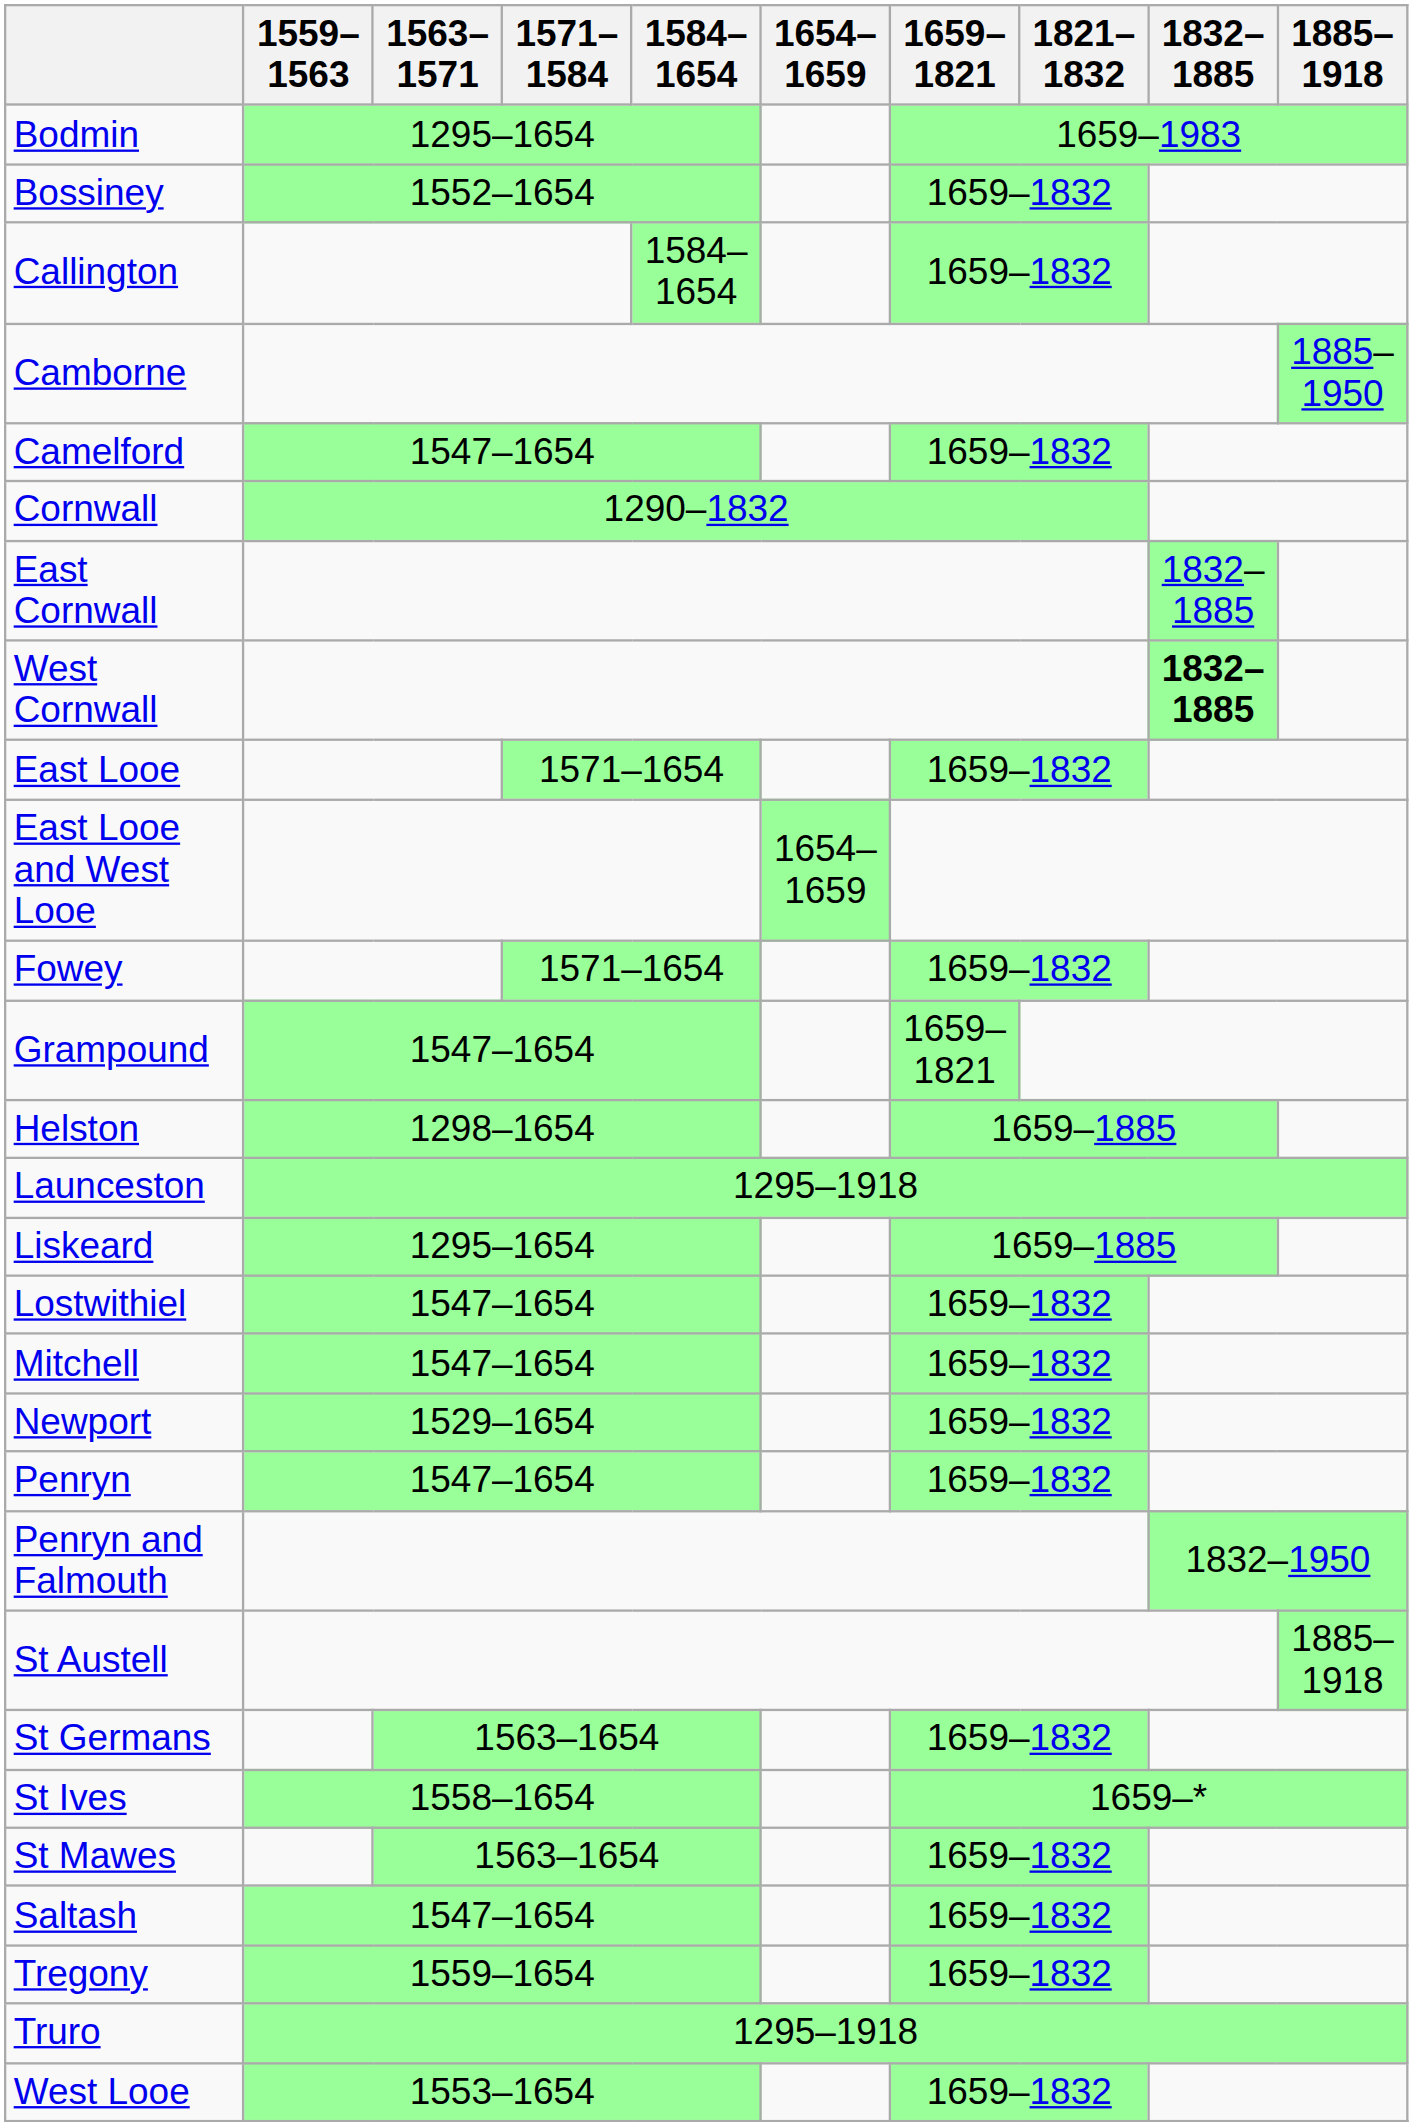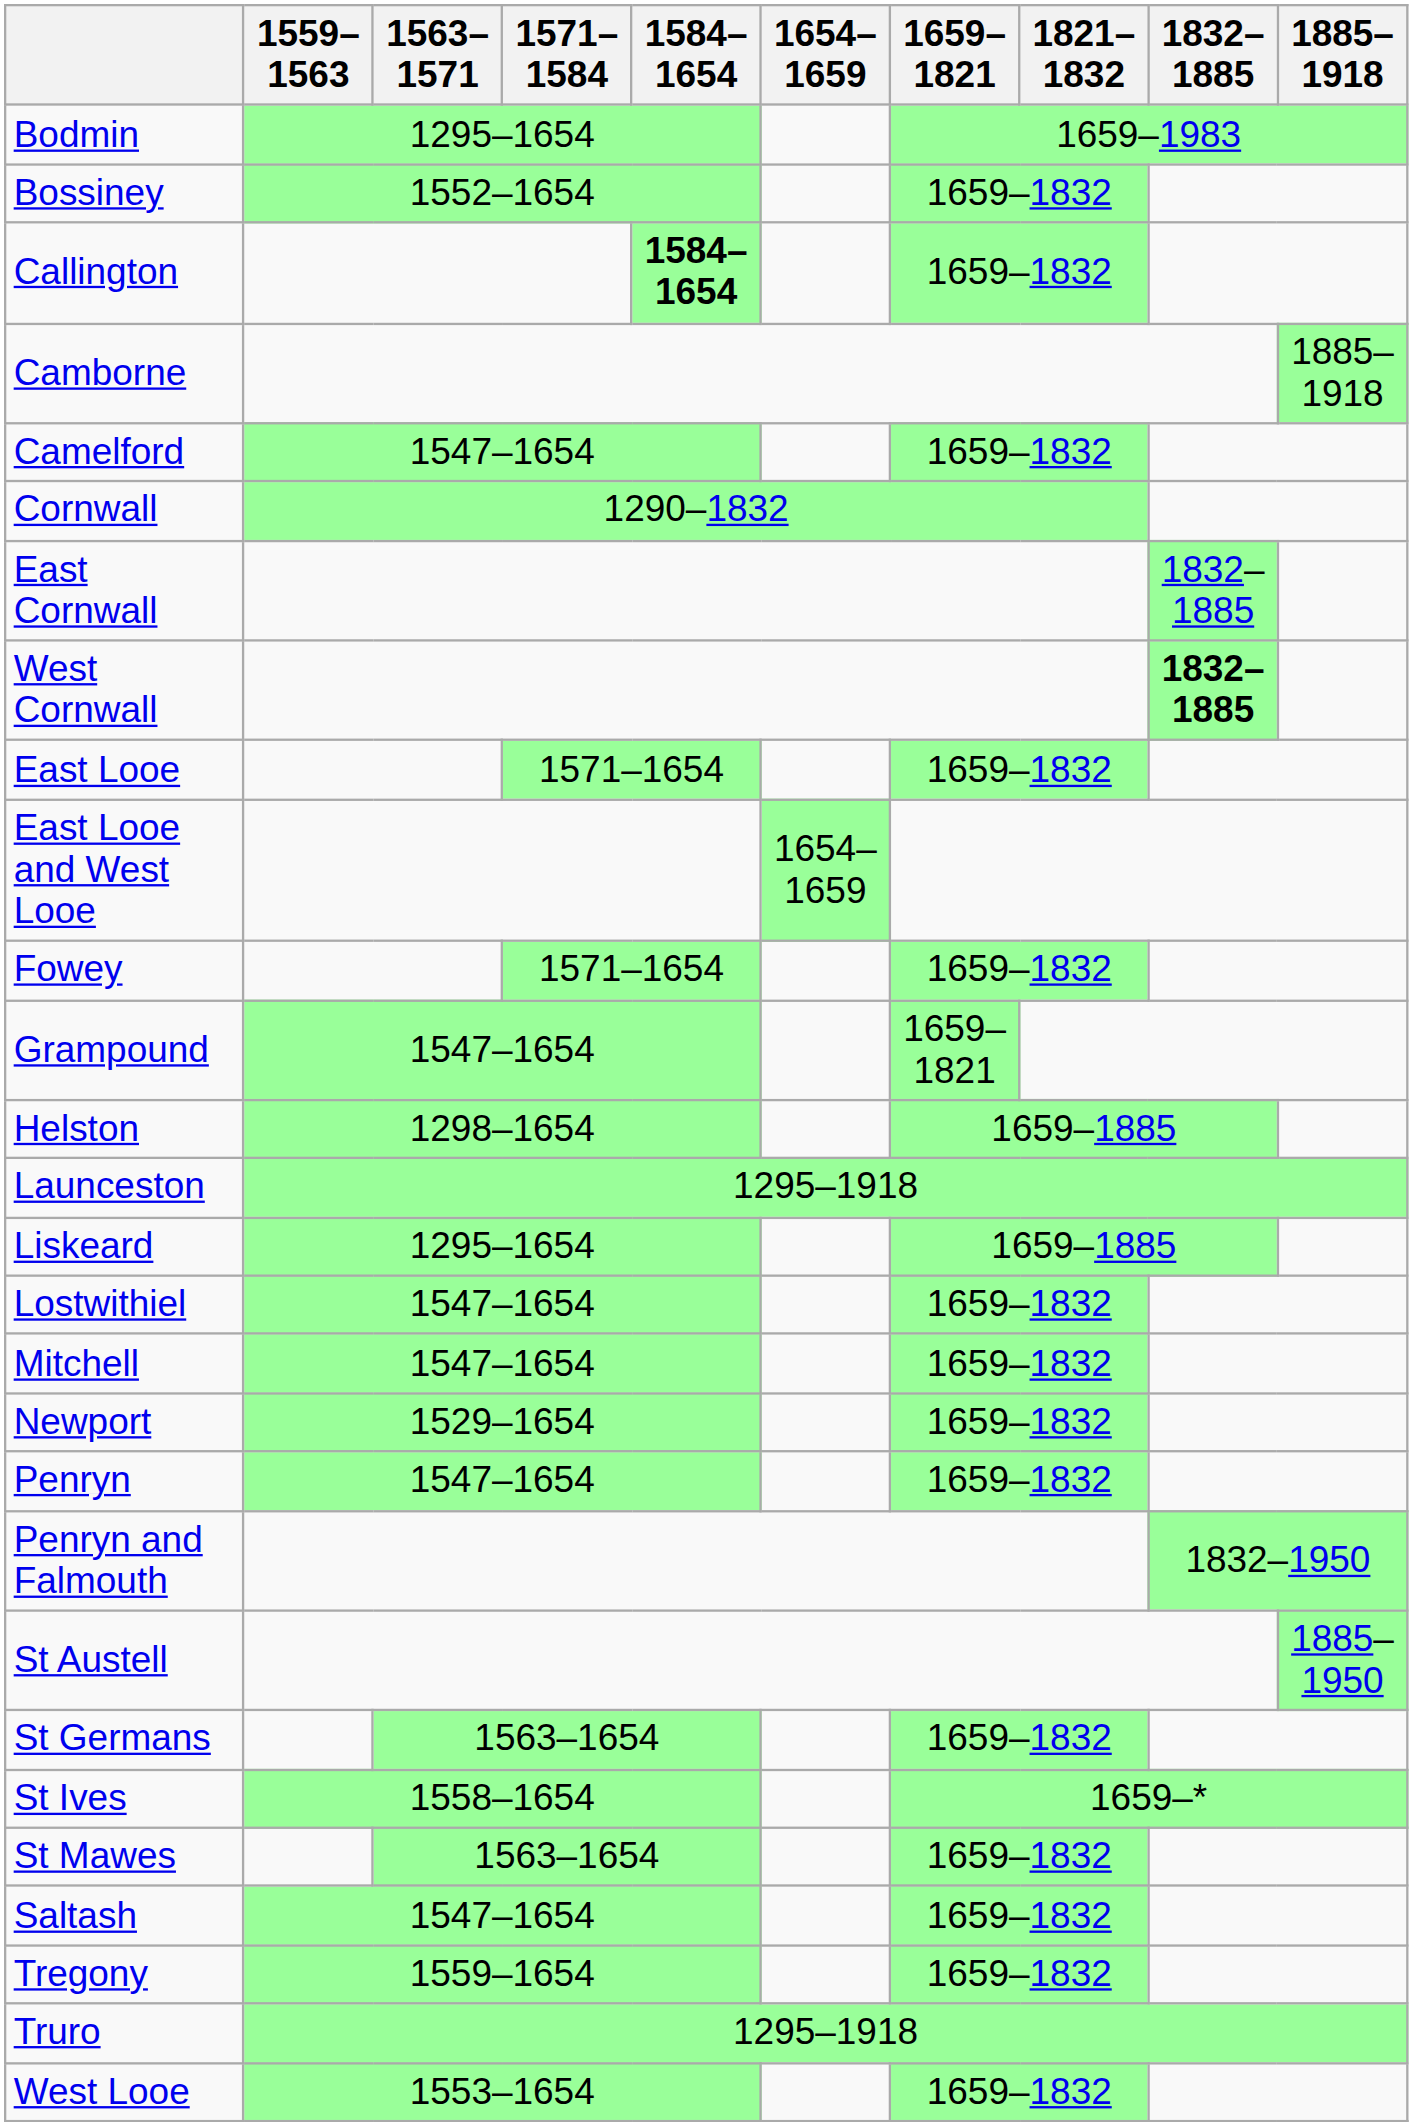 <table class="wikitable">
 <tr>
 <th> </th>
 <th>1559–1563</th>
 <th>1563–1571</th>
 <th>1571–1584</th>
 <th>1584–1654</th>
 <th>1654–1659</th>
 <th>1659–1821</th>
 <th>1821–1832</th>
 <th>1832–1885</th>
 <th>1885–1918</th>
 </tr>
 <tr>
 <td><a href='#'>Bodmin</a></td>
 <td colspan="4" align="center" bgcolor="#99FF99">1295–1654</td>
 <td colspan="1"> </td>
 <td colspan="4" align="center" bgcolor="#99FF99">1659–<a href='#'>1983</a></td>
 </tr>
 <tr>
 <td><a href='#'>Bossiney</a></td>
 <td colspan="4" align="center" bgcolor="#99FF99">1552–1654</td>
 <td colspan="1"> </td>
 <td colspan="2" align="center" bgcolor="#99FF99">1659–<a href='#'>1832</a></td>
 <td colspan="2"> </td>
 </tr>
 <tr>
 <td><a href='#'>Callington</a></td>
 <td colspan="3"> </td>
-<td colspan="1" align="center" bgcolor="#99FF99">1584–1654</td>
+<td colspan="1" align="center" bgcolor="#99FF99"><strong>1584–1654</strong></td>
 <td colspan="1"> </td>
 <td colspan="2" align="center" bgcolor="#99FF99">1659–<a href='#'>1832</a></td>
 <td colspan="2"> </td>
 </tr>
 <tr>
 <td><a href='#'>Camborne</a></td>
 <td colspan="8"> </td>
-<td colspan="1" align="center" bgcolor="#99FF99"><a href='#'>1885</a>–<a href='#'>1950</a></td>
+<td colspan="1" align="center" bgcolor="#99FF99">1885–1918</td>
 </tr>
 <tr>
 <td><a href='#'>Camelford</a></td>
 <td colspan="4" align="center" bgcolor="#99FF99">1547–1654</td>
 <td colspan="1"> </td>
 <td colspan="2" align="center" bgcolor="#99FF99">1659–<a href='#'>1832</a></td>
 <td colspan="2"> </td>
 </tr>
 <tr>
 <td><a href='#'>Cornwall</a></td>
 <td colspan="7" align="center" bgcolor="#99FF99">1290–<a href='#'>1832</a></td>
 <td colspan="2"> </td>
 </tr>
 <tr>
 <td><a href='#'>East Cornwall</a></td>
 <td colspan="7"> </td>
 <td colspan="1" align="center" bgcolor="#99FF99"><a href='#'>1832</a>–<a href='#'>1885</a></td>
 <td colspan="1"> </td>
 </tr>
 <tr>
 <td><a href='#'>West Cornwall</a></td>
 <td colspan="7"> </td>
 <td colspan="1" align="center" bgcolor="#99FF99"><strong>1832–1885</strong></td>
 <td colspan="1"> </td>
 </tr>
 <tr>
 <td><a href='#'>East Looe</a></td>
 <td colspan="2"> </td>
 <td colspan="2" align="center" bgcolor="#99FF99">1571–1654</td>
 <td colspan="1"> </td>
 <td colspan="2" align="center" bgcolor="#99FF99">1659–<a href='#'>1832</a></td>
 <td colspan="2"> </td>
 </tr>
 <tr>
 <td><a href='#'>East Looe and West Looe</a></td>
 <td colspan="4"> </td>
 <td colspan="1" align="center" bgcolor="#99FF99">1654–1659</td>
 <td colspan="4"> </td>
 </tr>
 <tr>
 <td><a href='#'>Fowey</a></td>
 <td colspan="2"> </td>
 <td colspan="2" align="center" bgcolor="#99FF99">1571–1654</td>
 <td colspan="1"> </td>
 <td colspan="2" align="center" bgcolor="#99FF99">1659–<a href='#'>1832</a></td>
 <td colspan="2"> </td>
 </tr>
 <tr>
 <td><a href='#'>Grampound</a></td>
 <td colspan="4" align="center" bgcolor="#99FF99">1547–1654</td>
 <td colspan="1"> </td>
 <td colspan="1" align="center" bgcolor="#99FF99">1659–1821</td>
 <td colspan="3"> </td>
 </tr>
 <tr>
 <td><a href='#'>Helston</a></td>
 <td colspan="4" align="center" bgcolor="#99FF99">1298–1654</td>
 <td colspan="1"> </td>
 <td colspan="3" align="center" bgcolor="#99FF99">1659–<a href='#'>1885</a></td>
 <td colspan="1"> </td>
 </tr>
 <tr>
 <td><a href='#'>Launceston</a></td>
 <td colspan="9" align="center" bgcolor="#99FF99">1295–1918</td>
 </tr>
 <tr>
 <td><a href='#'>Liskeard</a></td>
 <td colspan="4" align="center" bgcolor="#99FF99">1295–1654</td>
 <td colspan="1"> </td>
 <td colspan="3" align="center" bgcolor="#99FF99">1659–<a href='#'>1885</a></td>
 <td colspan="1"> </td>
 </tr>
 <tr>
 <td><a href='#'>Lostwithiel</a></td>
 <td colspan="4" align="center" bgcolor="#99FF99">1547–1654</td>
 <td colspan="1"> </td>
 <td colspan="2" align="center" bgcolor="#99FF99">1659–<a href='#'>1832</a></td>
 <td colspan="2"> </td>
 </tr>
 <tr>
 <td><a href='#'>Mitchell</a></td>
 <td colspan="4" align="center" bgcolor="#99FF99">1547–1654</td>
 <td colspan="1"> </td>
 <td colspan="2" align="center" bgcolor="#99FF99">1659–<a href='#'>1832</a></td>
 <td colspan="2"> </td>
 </tr>
 <tr>
 <td><a href='#'>Newport</a></td>
 <td colspan="4" align="center" bgcolor="#99FF99">1529–1654</td>
 <td colspan="1"> </td>
 <td colspan="2" align="center" bgcolor="#99FF99">1659–<a href='#'>1832</a></td>
 <td colspan="2"> </td>
 </tr>
 <tr>
 <td><a href='#'>Penryn</a></td>
 <td colspan="4" align="center" bgcolor="#99FF99">1547–1654</td>
 <td colspan="1"> </td>
 <td colspan="2" align="center" bgcolor="#99FF99">1659–<a href='#'>1832</a></td>
 <td colspan="2"> </td>
 </tr>
 <tr>
 <td><a href='#'>Penryn and Falmouth</a></td>
 <td colspan="7"> </td>
 <td colspan="2" align="center" bgcolor="#99FF99">1832–<a href='#'>1950</a></td>
 </tr>
 <tr>
 <td><a href='#'>St Austell</a></td>
 <td colspan="8"> </td>
-<td colspan="1" align="center" bgcolor="#99FF99">1885–1918</td>
+<td colspan="1" align="center" bgcolor="#99FF99"><a href='#'>1885</a>–<a href='#'>1950</a></td>
 </tr>
 <tr>
 <td><a href='#'>St Germans</a></td>
 <td colspan="1"> </td>
 <td colspan="3" align="center" bgcolor="#99FF99">1563–1654</td>
 <td colspan="1"> </td>
 <td colspan="2" align="center" bgcolor="#99FF99">1659–<a href='#'>1832</a></td>
 <td colspan="2"> </td>
 </tr>
 <tr>
 <td><a href='#'>St Ives</a></td>
 <td colspan="4" align="center" bgcolor="#99FF99">1558–1654</td>
 <td colspan="1"> </td>
 <td colspan="4" align="center" bgcolor="#99FF99">1659–*</td>
 </tr>
 <tr>
 <td><a href='#'>St Mawes</a></td>
 <td colspan="1"> </td>
 <td colspan="3" align="center" bgcolor="#99FF99">1563–1654</td>
 <td colspan="1"> </td>
 <td colspan="2" align="center" bgcolor="#99FF99">1659–<a href='#'>1832</a></td>
 <td colspan="2"> </td>
 </tr>
 <tr>
 <td><a href='#'>Saltash</a></td>
 <td colspan="4" align="center" bgcolor="#99FF99">1547–1654</td>
 <td colspan="1"> </td>
 <td colspan="2" align="center" bgcolor="#99FF99">1659–<a href='#'>1832</a></td>
 <td colspan="2"> </td>
 </tr>
 <tr>
 <td><a href='#'>Tregony</a></td>
 <td colspan="4" align="center" bgcolor="#99FF99">1559–1654</td>
 <td colspan="1"> </td>
 <td colspan="2" align="center" bgcolor="#99FF99">1659–<a href='#'>1832</a></td>
 <td colspan="2"> </td>
 </tr>
 <tr>
 <td><a href='#'>Truro</a></td>
 <td colspan="9" align="center" bgcolor="#99FF99">1295–1918</td>
 </tr>
 <tr>
 <td><a href='#'>West Looe</a></td>
 <td colspan="4" align="center" bgcolor="#99FF99">1553–1654</td>
 <td colspan="1"> </td>
 <td colspan="2" align="center" bgcolor="#99FF99">1659–<a href='#'>1832</a></td>
 <td colspan="2"> </td>
 </tr>
 <tr>
 </tr>
 </table>
